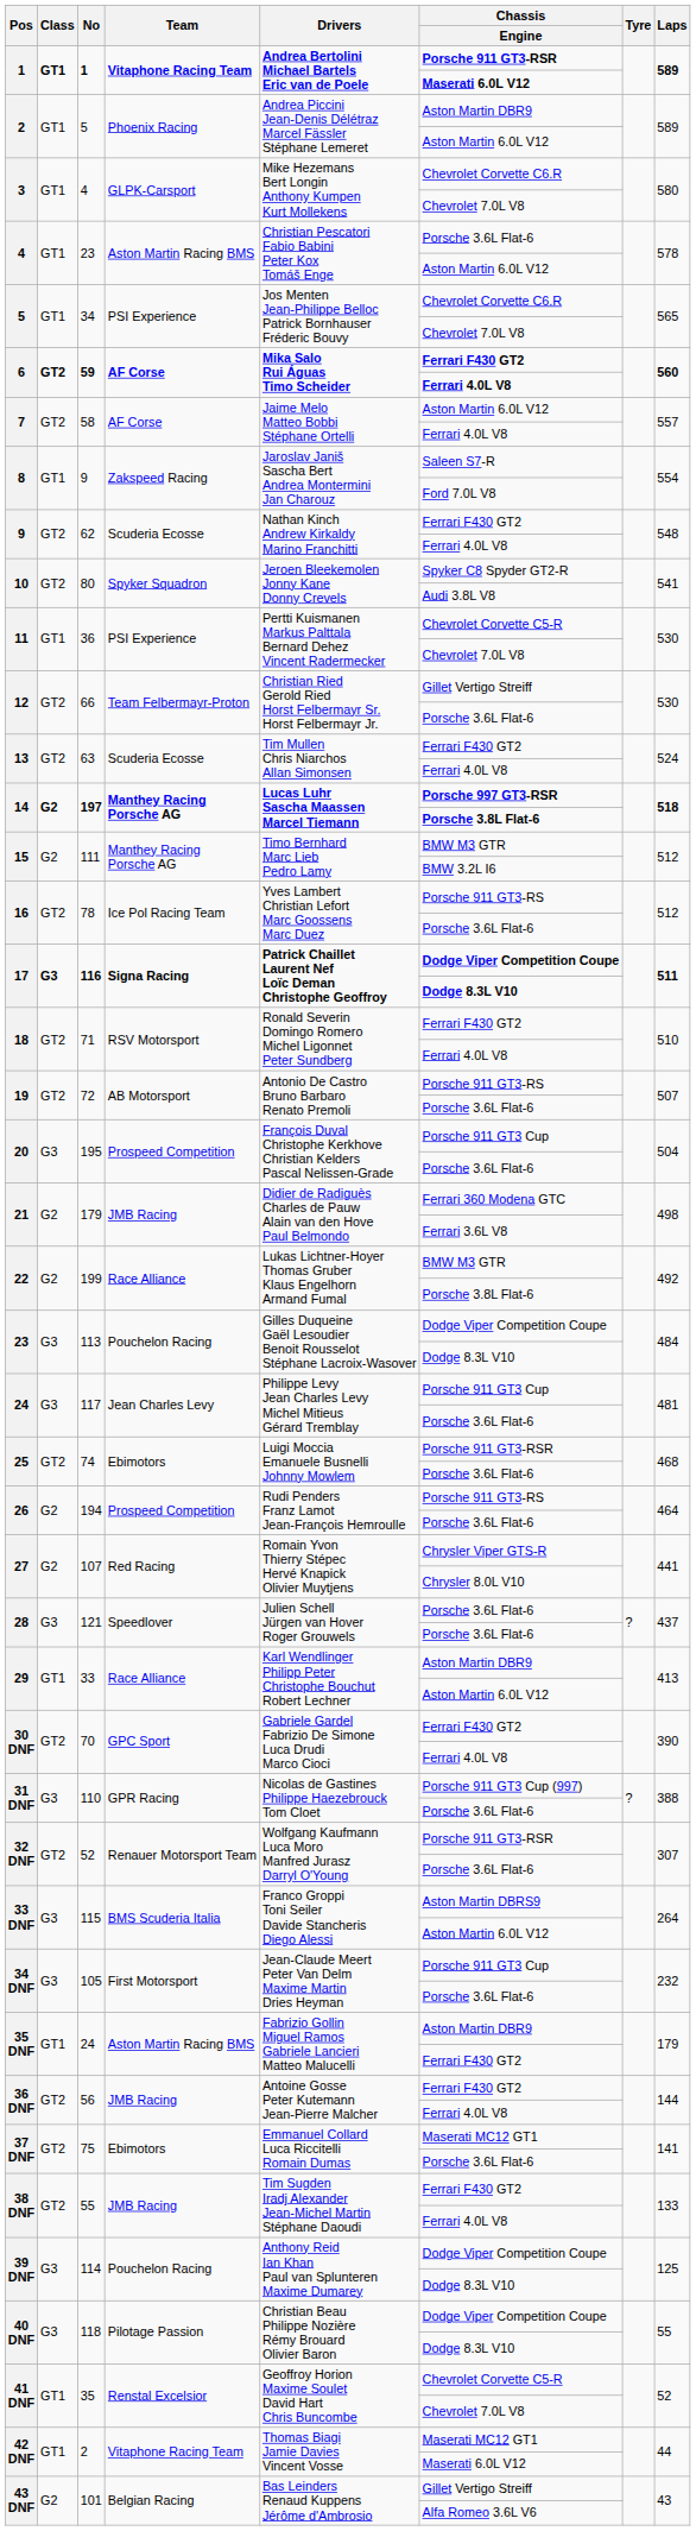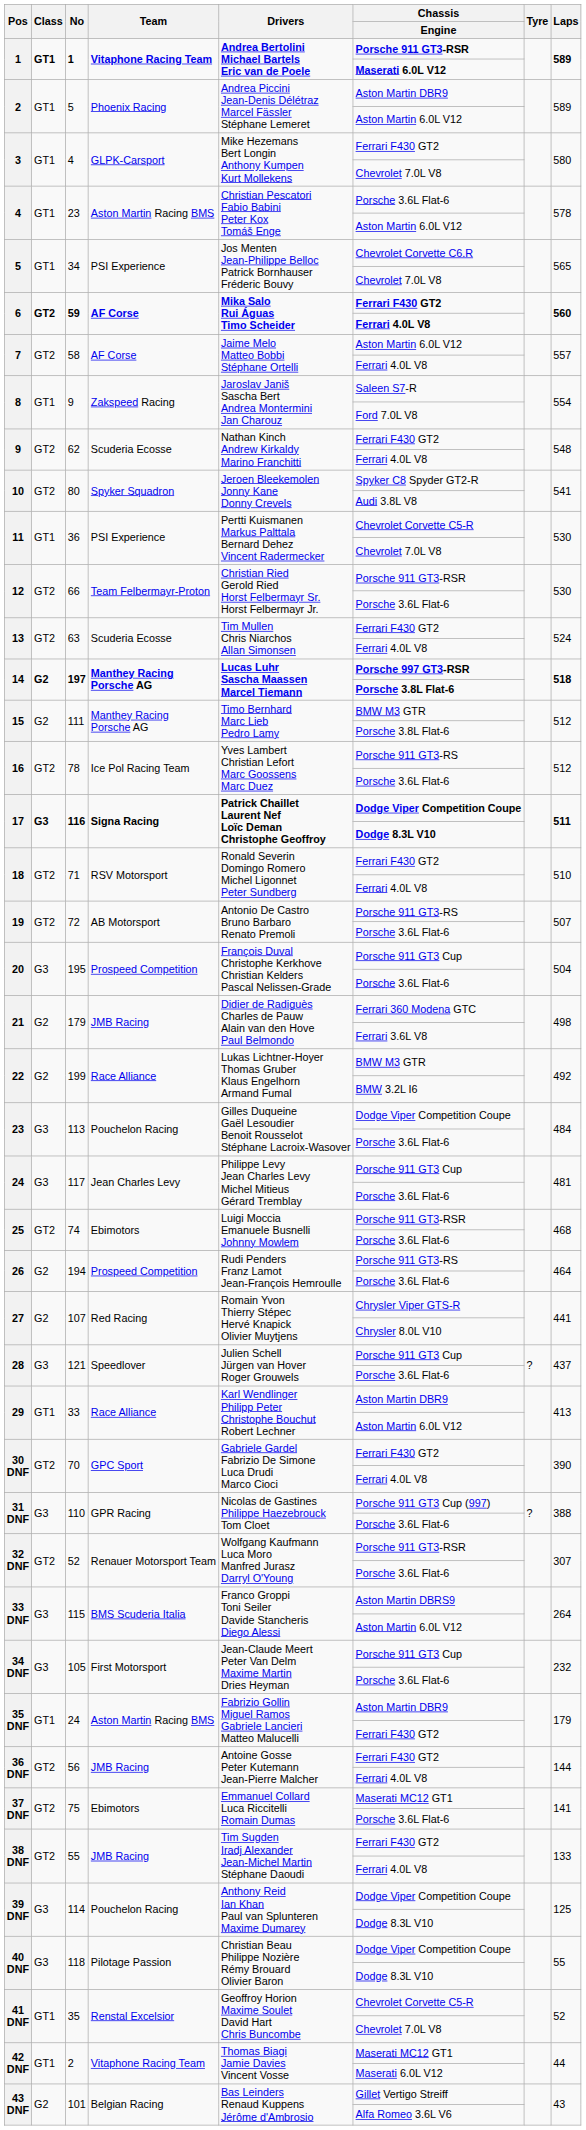 <table class="wikitable" style="font-size: 95%;">
 <tr>
 <th rowspan=2>Pos</th>
 <th rowspan=2>Class</th>
 <th rowspan=2>No</th>
 <th rowspan=2>Team</th>
 <th rowspan=2>Drivers</th>
 <th>Chassis</th>
 <th rowspan=2>Tyre</th>
 <th rowspan=2>Laps</th>
 </tr>
 <tr>
 <th>Engine</th>
 </tr>
 <tr style="font-weight:bold">
 <th rowspan=2>1</th>
 <td rowspan=2>GT1</td>
 <td rowspan=2>1</td>
 <td rowspan=2> <a href='#'>Vitaphone Racing Team</a></td>
 <td rowspan=2> <a href='#'>Andrea Bertolini</a><br> <a href='#'>Michael Bartels</a><br> <a href='#'>Eric van de Poele</a></td>
 <td><a href='#'>Porsche 911 GT3</a>-RSR</td>
 <td rowspan=2></td>
 <td rowspan=2>589</td>
 </tr>
 <tr style="font-weight:bold">
 <td><a href='#'>Maserati</a> 6.0L V12</td>
 </tr>
 <tr>
 <th rowspan=2>2</th>
 <td rowspan=2>GT1</td>
 <td rowspan=2>5</td>
 <td rowspan=2> <a href='#'>Phoenix Racing</a></td>
 <td rowspan=2> <a href='#'>Andrea Piccini</a><br> <a href='#'>Jean-Denis Délétraz</a><br> <a href='#'>Marcel Fässler</a><br> Stéphane Lemeret</td>
 <td><a href='#'>Aston Martin DBR9</a></td>
 <td rowspan=2></td>
 <td rowspan=2>589</td>
 </tr>
 <tr>
 <td><a href='#'>Aston Martin</a> 6.0L V12</td>
 </tr>
 <tr>
 <th rowspan=2>3</th>
 <td rowspan=2>GT1</td>
 <td rowspan=2>4</td>
 <td rowspan=2> <a href='#'>GLPK-Carsport</a></td>
 <td rowspan=2> Mike Hezemans<br> Bert Longin<br> <a href='#'>Anthony Kumpen</a><br> <a href='#'>Kurt Mollekens</a></td>
-<td><a href='#'>Chevrolet Corvette C6.R</a></td>
+<td><a href='#'>Ferrari F430</a> GT2</td>
 <td rowspan=2></td>
 <td rowspan=2>580</td>
 </tr>
 <tr>
 <td><a href='#'>Chevrolet</a> 7.0L V8</td>
 </tr>
 <tr>
 <th rowspan=2>4</th>
 <td rowspan=2>GT1</td>
 <td rowspan=2>23</td>
 <td rowspan=2> <a href='#'>Aston Martin</a> Racing <a href='#'>BMS</a></td>
 <td rowspan=2> <a href='#'>Christian Pescatori</a><br> <a href='#'>Fabio Babini</a><br> <a href='#'>Peter Kox</a><br> <a href='#'>Tomáš Enge</a></td>
 <td><a href='#'>Porsche</a> 3.6L Flat-6</td>
 <td rowspan=2></td>
 <td rowspan=2>578</td>
 </tr>
 <tr>
 <td><a href='#'>Aston Martin</a> 6.0L V12</td>
 </tr>
 <tr>
 <th rowspan=2>5</th>
 <td rowspan=2>GT1</td>
 <td rowspan=2>34</td>
 <td rowspan=2> PSI Experience</td>
 <td rowspan=2> Jos Menten<br> <a href='#'>Jean-Philippe Belloc</a><br> Patrick Bornhauser<br> Fréderic Bouvy</td>
 <td><a href='#'>Chevrolet Corvette C6.R</a></td>
 <td rowspan=2></td>
 <td rowspan=2>565</td>
 </tr>
 <tr>
 <td><a href='#'>Chevrolet</a> 7.0L V8</td>
 </tr>
 <tr style="font-weight:bold">
 <th rowspan=2>6</th>
 <td rowspan=2>GT2</td>
 <td rowspan=2>59</td>
 <td rowspan=2> <a href='#'>AF Corse</a></td>
 <td rowspan=2> <a href='#'>Mika Salo</a><br> <a href='#'>Rui Águas</a><br> <a href='#'>Timo Scheider</a></td>
 <td><a href='#'>Ferrari F430</a> GT2</td>
 <td rowspan=2></td>
 <td rowspan=2>560</td>
 </tr>
 <tr style="font-weight:bold">
 <td><a href='#'>Ferrari</a> 4.0L V8</td>
 </tr>
 <tr>
 <th rowspan=2>7</th>
 <td rowspan=2>GT2</td>
 <td rowspan=2>58</td>
 <td rowspan=2> <a href='#'>AF Corse</a></td>
 <td rowspan=2> <a href='#'>Jaime Melo</a><br> <a href='#'>Matteo Bobbi</a><br> <a href='#'>Stéphane Ortelli</a></td>
 <td><a href='#'>Aston Martin</a> 6.0L V12</td>
 <td rowspan=2></td>
 <td rowspan=2>557</td>
 </tr>
 <tr>
 <td><a href='#'>Ferrari</a> 4.0L V8</td>
 </tr>
 <tr>
 <th rowspan=2>8</th>
 <td rowspan=2>GT1</td>
 <td rowspan=2>9</td>
 <td rowspan=2> <a href='#'>Zakspeed</a> Racing</td>
 <td rowspan=2> <a href='#'>Jaroslav Janiš</a><br> Sascha Bert<br> <a href='#'>Andrea Montermini</a><br> <a href='#'>Jan Charouz</a></td>
 <td><a href='#'>Saleen S7</a>-R</td>
 <td rowspan=2></td>
 <td rowspan=2>554</td>
 </tr>
 <tr>
 <td><a href='#'>Ford</a> 7.0L V8</td>
 </tr>
 <tr>
 <th rowspan=2>9</th>
 <td rowspan=2>GT2</td>
 <td rowspan=2>62</td>
 <td rowspan=2> Scuderia Ecosse</td>
 <td rowspan=2> Nathan Kinch<br> <a href='#'>Andrew Kirkaldy</a><br> <a href='#'>Marino Franchitti</a></td>
 <td><a href='#'>Ferrari F430</a> GT2</td>
 <td rowspan=2></td>
 <td rowspan=2>548</td>
 </tr>
 <tr>
 <td><a href='#'>Ferrari</a> 4.0L V8</td>
 </tr>
 <tr>
 <th rowspan=2>10</th>
 <td rowspan=2>GT2</td>
 <td rowspan=2>80</td>
 <td rowspan=2> <a href='#'>Spyker Squadron</a></td>
 <td rowspan=2> <a href='#'>Jeroen Bleekemolen</a><br> <a href='#'>Jonny Kane</a><br> <a href='#'>Donny Crevels</a></td>
 <td><a href='#'>Spyker C8</a> Spyder GT2-R</td>
 <td rowspan=2></td>
 <td rowspan=2>541</td>
 </tr>
 <tr>
 <td><a href='#'>Audi</a> 3.8L V8</td>
 </tr>
 <tr>
 <th rowspan=2>11</th>
 <td rowspan=2>GT1</td>
 <td rowspan=2>36</td>
 <td rowspan=2> PSI Experience</td>
 <td rowspan=2> Pertti Kuismanen<br> <a href='#'>Markus Palttala</a><br> Bernard Dehez<br> <a href='#'>Vincent Radermecker</a></td>
 <td><a href='#'>Chevrolet Corvette C5-R</a></td>
 <td rowspan=2></td>
 <td rowspan=2>530</td>
 </tr>
 <tr>
 <td><a href='#'>Chevrolet</a> 7.0L V8</td>
 </tr>
 <tr>
 <th rowspan=2>12</th>
 <td rowspan=2>GT2</td>
 <td rowspan=2>66</td>
 <td rowspan=2> <a href='#'>Team Felbermayr-Proton</a></td>
 <td rowspan=2> <a href='#'>Christian Ried</a><br> Gerold Ried<br> <a href='#'>Horst Felbermayr Sr.</a><br> Horst Felbermayr Jr.</td>
-<td><a href='#'>Gillet</a> Vertigo Streiff</td>
+<td><a href='#'>Porsche 911 GT3</a>-RSR</td>
 <td rowspan=2></td>
 <td rowspan=2>530</td>
 </tr>
 <tr>
 <td><a href='#'>Porsche</a> 3.6L Flat-6</td>
 </tr>
 <tr>
 <th rowspan=2>13</th>
 <td rowspan=2>GT2</td>
 <td rowspan=2>63</td>
 <td rowspan=2> Scuderia Ecosse</td>
 <td rowspan=2> <a href='#'>Tim Mullen</a><br> Chris Niarchos<br> <a href='#'>Allan Simonsen</a></td>
 <td><a href='#'>Ferrari F430</a> GT2</td>
 <td rowspan=2></td>
 <td rowspan=2>524</td>
 </tr>
 <tr>
 <td><a href='#'>Ferrari</a> 4.0L V8</td>
 </tr>
 <tr style="font-weight:bold">
 <th rowspan=2>14</th>
 <td rowspan=2>G2</td>
 <td rowspan=2>197</td>
 <td rowspan=2> <a href='#'>Manthey Racing</a><br> <a href='#'>Porsche</a> AG</td>
 <td rowspan=2> <a href='#'>Lucas Luhr</a><br> <a href='#'>Sascha Maassen</a><br> <a href='#'>Marcel Tiemann</a></td>
 <td><a href='#'>Porsche 997 GT3</a>-RSR</td>
 <td rowspan=2></td>
 <td rowspan=2>518</td>
 </tr>
 <tr style="font-weight:bold">
 <td><a href='#'>Porsche</a> 3.8L Flat-6</td>
 </tr>
 <tr>
 <th rowspan=2>15</th>
 <td rowspan=2>G2</td>
 <td rowspan=2>111</td>
 <td rowspan=2> <a href='#'>Manthey Racing</a><br> <a href='#'>Porsche</a> AG</td>
 <td rowspan=2> <a href='#'>Timo Bernhard</a><br> <a href='#'>Marc Lieb</a><br> <a href='#'>Pedro Lamy</a></td>
 <td><a href='#'>BMW M3</a> GTR</td>
 <td rowspan=2></td>
 <td rowspan=2>512</td>
 </tr>
 <tr>
-<td><a href='#'>BMW</a> 3.2L I6</td>
+<td><a href='#'>Porsche</a> 3.8L Flat-6</td>
 </tr>
 <tr>
 <th rowspan=2>16</th>
 <td rowspan=2>GT2</td>
 <td rowspan=2>78</td>
 <td rowspan=2> Ice Pol Racing Team</td>
 <td rowspan=2> Yves Lambert<br> Christian Lefort<br> <a href='#'>Marc Goossens</a><br> <a href='#'>Marc Duez</a></td>
 <td><a href='#'>Porsche 911 GT3</a>-RS</td>
 <td rowspan=2></td>
 <td rowspan=2>512</td>
 </tr>
 <tr>
 <td><a href='#'>Porsche</a> 3.6L Flat-6</td>
 </tr>
 <tr style="font-weight:bold">
 <th rowspan=2>17</th>
 <td rowspan=2>G3</td>
 <td rowspan=2>116</td>
 <td rowspan=2> Signa Racing</td>
 <td rowspan=2> Patrick Chaillet<br> Laurent Nef<br> Loïc Deman<br> Christophe Geoffroy</td>
 <td><a href='#'>Dodge Viper</a> Competition Coupe</td>
 <td rowspan=2></td>
 <td rowspan=2>511</td>
 </tr>
 <tr style="font-weight:bold">
 <td><a href='#'>Dodge</a> 8.3L V10</td>
 </tr>
 <tr>
 <th rowspan=2>18</th>
 <td rowspan=2>GT2</td>
 <td rowspan=2>71</td>
 <td rowspan=2> RSV Motorsport</td>
 <td rowspan=2> Ronald Severin<br> Domingo Romero<br> Michel Ligonnet<br> <a href='#'>Peter Sundberg</a></td>
 <td><a href='#'>Ferrari F430</a> GT2</td>
 <td rowspan=2></td>
 <td rowspan=2>510</td>
 </tr>
 <tr>
 <td><a href='#'>Ferrari</a> 4.0L V8</td>
 </tr>
 <tr>
 <th rowspan=2>19</th>
 <td rowspan=2>GT2</td>
 <td rowspan=2>72</td>
 <td rowspan=2> AB Motorsport</td>
 <td rowspan=2> Antonio De Castro<br> Bruno Barbaro<br> Renato Premoli</td>
 <td><a href='#'>Porsche 911 GT3</a>-RS</td>
 <td rowspan=2></td>
 <td rowspan=2>507</td>
 </tr>
 <tr>
 <td><a href='#'>Porsche</a> 3.6L Flat-6</td>
 </tr>
 <tr>
 <th rowspan=2>20</th>
 <td rowspan=2>G3</td>
 <td rowspan=2>195</td>
 <td rowspan=2> <a href='#'>Prospeed Competition</a></td>
 <td rowspan=2> <a href='#'>François Duval</a><br> Christophe Kerkhove<br> Christian Kelders<br> Pascal Nelissen-Grade</td>
 <td><a href='#'>Porsche 911 GT3</a> Cup</td>
 <td rowspan=2></td>
 <td rowspan=2>504</td>
 </tr>
 <tr>
 <td><a href='#'>Porsche</a> 3.6L Flat-6</td>
 </tr>
 <tr>
 <th rowspan=2>21</th>
 <td rowspan=2>G2</td>
 <td rowspan=2>179</td>
 <td rowspan=2> <a href='#'>JMB Racing</a></td>
 <td rowspan=2> <a href='#'>Didier de Radiguès</a><br> Charles de Pauw<br> Alain van den Hove<br> <a href='#'>Paul Belmondo</a></td>
 <td><a href='#'>Ferrari 360 Modena</a> GTC</td>
 <td rowspan=2></td>
 <td rowspan=2>498</td>
 </tr>
 <tr>
 <td><a href='#'>Ferrari</a> 3.6L V8</td>
 </tr>
 <tr>
 <th rowspan=2>22</th>
 <td rowspan=2>G2</td>
 <td rowspan=2>199</td>
 <td rowspan=2> <a href='#'>Race Alliance</a></td>
 <td rowspan=2> Lukas Lichtner-Hoyer<br> Thomas Gruber<br> Klaus Engelhorn<br> Armand Fumal</td>
 <td><a href='#'>BMW M3</a> GTR</td>
 <td rowspan=2></td>
 <td rowspan=2>492</td>
 </tr>
 <tr>
-<td><a href='#'>Porsche</a> 3.8L Flat-6</td>
+<td><a href='#'>BMW</a> 3.2L I6</td>
 </tr>
 <tr>
 <th rowspan=2>23</th>
 <td rowspan=2>G3</td>
 <td rowspan=2>113</td>
 <td rowspan=2> Pouchelon Racing</td>
 <td rowspan=2> Gilles Duqueine<br> Gaël Lesoudier<br> Benoit Rousselot<br> Stéphane Lacroix-Wasover</td>
 <td><a href='#'>Dodge Viper</a> Competition Coupe</td>
 <td rowspan=2></td>
 <td rowspan=2>484</td>
 </tr>
 <tr>
-<td><a href='#'>Dodge</a> 8.3L V10</td>
+<td><a href='#'>Porsche</a> 3.6L Flat-6</td>
 </tr>
 <tr>
 <th rowspan=2>24</th>
 <td rowspan=2>G3</td>
 <td rowspan=2>117</td>
 <td rowspan=2> Jean Charles Levy</td>
 <td rowspan=2> Philippe Levy<br> Jean Charles Levy<br> Michel Mitieus<br> Gérard Tremblay</td>
 <td><a href='#'>Porsche 911 GT3</a> Cup</td>
 <td rowspan=2></td>
 <td rowspan=2>481</td>
 </tr>
 <tr>
 <td><a href='#'>Porsche</a> 3.6L Flat-6</td>
 </tr>
 <tr>
 <th rowspan=2>25</th>
 <td rowspan=2>GT2</td>
 <td rowspan=2>74</td>
 <td rowspan=2> Ebimotors</td>
 <td rowspan=2> Luigi Moccia<br> Emanuele Busnelli<br> <a href='#'>Johnny Mowlem</a></td>
 <td><a href='#'>Porsche 911 GT3</a>-RSR</td>
 <td rowspan=2></td>
 <td rowspan=2>468</td>
 </tr>
 <tr>
 <td><a href='#'>Porsche</a> 3.6L Flat-6</td>
 </tr>
 <tr>
 <th rowspan=2>26</th>
 <td rowspan=2>G2</td>
 <td rowspan=2>194</td>
 <td rowspan=2> <a href='#'>Prospeed Competition</a></td>
 <td rowspan=2> Rudi Penders<br> Franz Lamot<br> Jean-François Hemroulle</td>
 <td><a href='#'>Porsche 911 GT3</a>-RS</td>
 <td rowspan=2></td>
 <td rowspan=2>464</td>
 </tr>
 <tr>
 <td><a href='#'>Porsche</a> 3.6L Flat-6</td>
 </tr>
 <tr>
 <th rowspan=2>27</th>
 <td rowspan=2>G2</td>
 <td rowspan=2>107</td>
 <td rowspan=2> Red Racing</td>
 <td rowspan=2> Romain Yvon<br> Thierry Stépec<br> Hervé Knapick<br> Olivier Muytjens</td>
 <td><a href='#'>Chrysler Viper GTS-R</a></td>
 <td rowspan=2></td>
 <td rowspan=2>441</td>
 </tr>
 <tr>
 <td><a href='#'>Chrysler</a> 8.0L V10</td>
 </tr>
 <tr>
 <th rowspan=2>28</th>
 <td rowspan=2>G3</td>
 <td rowspan=2>121</td>
 <td rowspan=2> Speedlover</td>
 <td rowspan=2> Julien Schell<br> Jürgen van Hover<br> Roger Grouwels</td>
-<td><a href='#'>Porsche</a> 3.6L Flat-6</td>
+<td><a href='#'>Porsche 911 GT3</a> Cup</td>
 <td rowspan=2>?</td>
 <td rowspan=2>437</td>
 </tr>
 <tr>
 <td><a href='#'>Porsche</a> 3.6L Flat-6</td>
 </tr>
 <tr>
 <th rowspan=2>29</th>
 <td rowspan=2>GT1</td>
 <td rowspan=2>33</td>
 <td rowspan=2> <a href='#'>Race Alliance</a></td>
 <td rowspan=2> <a href='#'>Karl Wendlinger</a><br> <a href='#'>Philipp Peter</a><br> <a href='#'>Christophe Bouchut</a><br> Robert Lechner</td>
 <td><a href='#'>Aston Martin DBR9</a></td>
 <td rowspan=2></td>
 <td rowspan=2>413</td>
 </tr>
 <tr>
 <td><a href='#'>Aston Martin</a> 6.0L V12</td>
 </tr>
 <tr>
 <th rowspan=2>30<br>DNF</th>
 <td rowspan=2>GT2</td>
 <td rowspan=2>70</td>
 <td rowspan=2> <a href='#'>GPC Sport</a></td>
 <td rowspan=2> <a href='#'>Gabriele Gardel</a><br> Fabrizio De Simone<br> Luca Drudi<br> Marco Cioci</td>
 <td><a href='#'>Ferrari F430</a> GT2</td>
 <td rowspan=2></td>
 <td rowspan=2>390</td>
 </tr>
 <tr>
 <td><a href='#'>Ferrari</a> 4.0L V8</td>
 </tr>
 <tr>
 <th rowspan=2>31<br>DNF</th>
 <td rowspan=2>G3</td>
 <td rowspan=2>110</td>
 <td rowspan=2> GPR Racing</td>
 <td rowspan=2> Nicolas de Gastines<br> <a href='#'>Philippe Haezebrouck</a><br> Tom Cloet</td>
 <td><a href='#'>Porsche 911 GT3</a> Cup (<a href='#'>997</a>)</td>
 <td rowspan=2>?</td>
 <td rowspan=2>388</td>
 </tr>
 <tr>
 <td><a href='#'>Porsche</a> 3.6L Flat-6</td>
 </tr>
 <tr>
 <th rowspan=2>32<br>DNF</th>
 <td rowspan=2>GT2</td>
 <td rowspan=2>52</td>
 <td rowspan=2> Renauer Motorsport Team</td>
 <td rowspan=2> Wolfgang Kaufmann<br> Luca Moro<br> Manfred Jurasz<br> <a href='#'>Darryl O'Young</a></td>
 <td><a href='#'>Porsche 911 GT3</a>-RSR</td>
 <td rowspan=2></td>
 <td rowspan=2>307</td>
 </tr>
 <tr>
 <td><a href='#'>Porsche</a> 3.6L Flat-6</td>
 </tr>
 <tr>
 <th rowspan=2>33<br>DNF</th>
 <td rowspan=2>G3</td>
 <td rowspan=2>115</td>
 <td rowspan=2> <a href='#'>BMS Scuderia Italia</a></td>
 <td rowspan=2> Franco Groppi<br> Toni Seiler<br> Davide Stancheris<br> <a href='#'>Diego Alessi</a></td>
 <td><a href='#'>Aston Martin DBRS9</a></td>
 <td rowspan=2></td>
 <td rowspan=2>264</td>
 </tr>
 <tr>
 <td><a href='#'>Aston Martin</a> 6.0L V12</td>
 </tr>
 <tr>
 <th rowspan=2>34<br>DNF</th>
 <td rowspan=2>G3</td>
 <td rowspan=2>105</td>
 <td rowspan=2> First Motorsport</td>
 <td rowspan=2> Jean-Claude Meert<br> Peter Van Delm<br> <a href='#'>Maxime Martin</a><br> Dries Heyman</td>
 <td><a href='#'>Porsche 911 GT3</a> Cup</td>
 <td rowspan=2></td>
 <td rowspan=2>232</td>
 </tr>
 <tr>
 <td><a href='#'>Porsche</a> 3.6L Flat-6</td>
 </tr>
 <tr>
 <th rowspan=2>35<br>DNF</th>
 <td rowspan=2>GT1</td>
 <td rowspan=2>24</td>
 <td rowspan=2> <a href='#'>Aston Martin</a> Racing <a href='#'>BMS</a></td>
 <td rowspan=2> <a href='#'>Fabrizio Gollin</a><br> <a href='#'>Miguel Ramos</a><br> <a href='#'>Gabriele Lancieri</a><br> Matteo Malucelli</td>
 <td><a href='#'>Aston Martin DBR9</a></td>
 <td rowspan=2></td>
 <td rowspan=2>179</td>
 </tr>
 <tr>
 <td><a href='#'>Ferrari F430</a> GT2</td>
 </tr>
 <tr>
 <th rowspan=2>36<br>DNF</th>
 <td rowspan=2>GT2</td>
 <td rowspan=2>56</td>
 <td rowspan=2> <a href='#'>JMB Racing</a></td>
 <td rowspan=2> Antoine Gosse<br> Peter Kutemann<br> Jean-Pierre Malcher</td>
 <td><a href='#'>Ferrari F430</a> GT2</td>
 <td rowspan=2></td>
 <td rowspan=2>144</td>
 </tr>
 <tr>
 <td><a href='#'>Ferrari</a> 4.0L V8</td>
 </tr>
 <tr>
 <th rowspan=2>37<br>DNF</th>
 <td rowspan=2>GT2</td>
 <td rowspan=2>75</td>
 <td rowspan=2> Ebimotors</td>
 <td rowspan=2> <a href='#'>Emmanuel Collard</a><br> Luca Riccitelli<br> <a href='#'>Romain Dumas</a></td>
 <td><a href='#'>Maserati MC12</a> GT1</td>
 <td rowspan=2></td>
 <td rowspan=2>141</td>
 </tr>
 <tr>
 <td><a href='#'>Porsche</a> 3.6L Flat-6</td>
 </tr>
 <tr>
 <th rowspan=2>38<br>DNF</th>
 <td rowspan=2>GT2</td>
 <td rowspan=2>55</td>
 <td rowspan=2> <a href='#'>JMB Racing</a></td>
 <td rowspan=2> <a href='#'>Tim Sugden</a><br> <a href='#'>Iradj Alexander</a><br> <a href='#'>Jean-Michel Martin</a><br> Stéphane Daoudi</td>
 <td><a href='#'>Ferrari F430</a> GT2</td>
 <td rowspan=2></td>
 <td rowspan=2>133</td>
 </tr>
 <tr>
 <td><a href='#'>Ferrari</a> 4.0L V8</td>
 </tr>
 <tr>
 <th rowspan=2>39<br>DNF</th>
 <td rowspan=2>G3</td>
 <td rowspan=2>114</td>
 <td rowspan=2> Pouchelon Racing</td>
 <td rowspan=2> <a href='#'>Anthony Reid</a><br> <a href='#'>Ian Khan</a><br> Paul van Splunteren<br> <a href='#'>Maxime Dumarey</a></td>
 <td><a href='#'>Dodge Viper</a> Competition Coupe</td>
 <td rowspan=2></td>
 <td rowspan=2>125</td>
 </tr>
 <tr>
 <td><a href='#'>Dodge</a> 8.3L V10</td>
 </tr>
 <tr>
 <th rowspan=2>40<br>DNF</th>
 <td rowspan=2>G3</td>
 <td rowspan=2>118</td>
 <td rowspan=2> Pilotage Passion</td>
 <td rowspan=2> Christian Beau<br> Philippe Nozière<br> Rémy Brouard<br> Olivier Baron</td>
 <td><a href='#'>Dodge Viper</a> Competition Coupe</td>
 <td rowspan=2></td>
 <td rowspan=2>55</td>
 </tr>
 <tr>
 <td><a href='#'>Dodge</a> 8.3L V10</td>
 </tr>
 <tr>
 <th rowspan=2>41<br>DNF</th>
 <td rowspan=2>GT1</td>
 <td rowspan=2>35</td>
 <td rowspan=2> <a href='#'>Renstal Excelsior</a></td>
 <td rowspan=2> Geoffroy Horion<br> <a href='#'>Maxime Soulet</a><br> David Hart<br> <a href='#'>Chris Buncombe</a></td>
 <td><a href='#'>Chevrolet Corvette C5-R</a></td>
 <td rowspan=2></td>
 <td rowspan=2>52</td>
 </tr>
 <tr>
 <td><a href='#'>Chevrolet</a> 7.0L V8</td>
 </tr>
 <tr>
 <th rowspan=2>42<br>DNF</th>
 <td rowspan=2>GT1</td>
 <td rowspan=2>2</td>
 <td rowspan=2> <a href='#'>Vitaphone Racing Team</a></td>
 <td rowspan=2> <a href='#'>Thomas Biagi</a><br> <a href='#'>Jamie Davies</a><br> Vincent Vosse</td>
 <td><a href='#'>Maserati MC12</a> GT1</td>
 <td rowspan=2></td>
 <td rowspan=2>44</td>
 </tr>
 <tr>
 <td><a href='#'>Maserati</a> 6.0L V12</td>
 </tr>
 <tr>
 <th rowspan=2>43<br>DNF</th>
 <td rowspan=2>G2</td>
 <td rowspan=2>101</td>
 <td rowspan=2> Belgian Racing</td>
 <td rowspan=2> <a href='#'>Bas Leinders</a><br> Renaud Kuppens<br> <a href='#'>Jérôme d'Ambrosio</a></td>
 <td><a href='#'>Gillet</a> Vertigo Streiff</td>
 <td rowspan=2></td>
 <td rowspan=2>43</td>
 </tr>
 <tr>
 <td><a href='#'>Alfa Romeo</a> 3.6L V6</td>
 </tr>
 </table>
